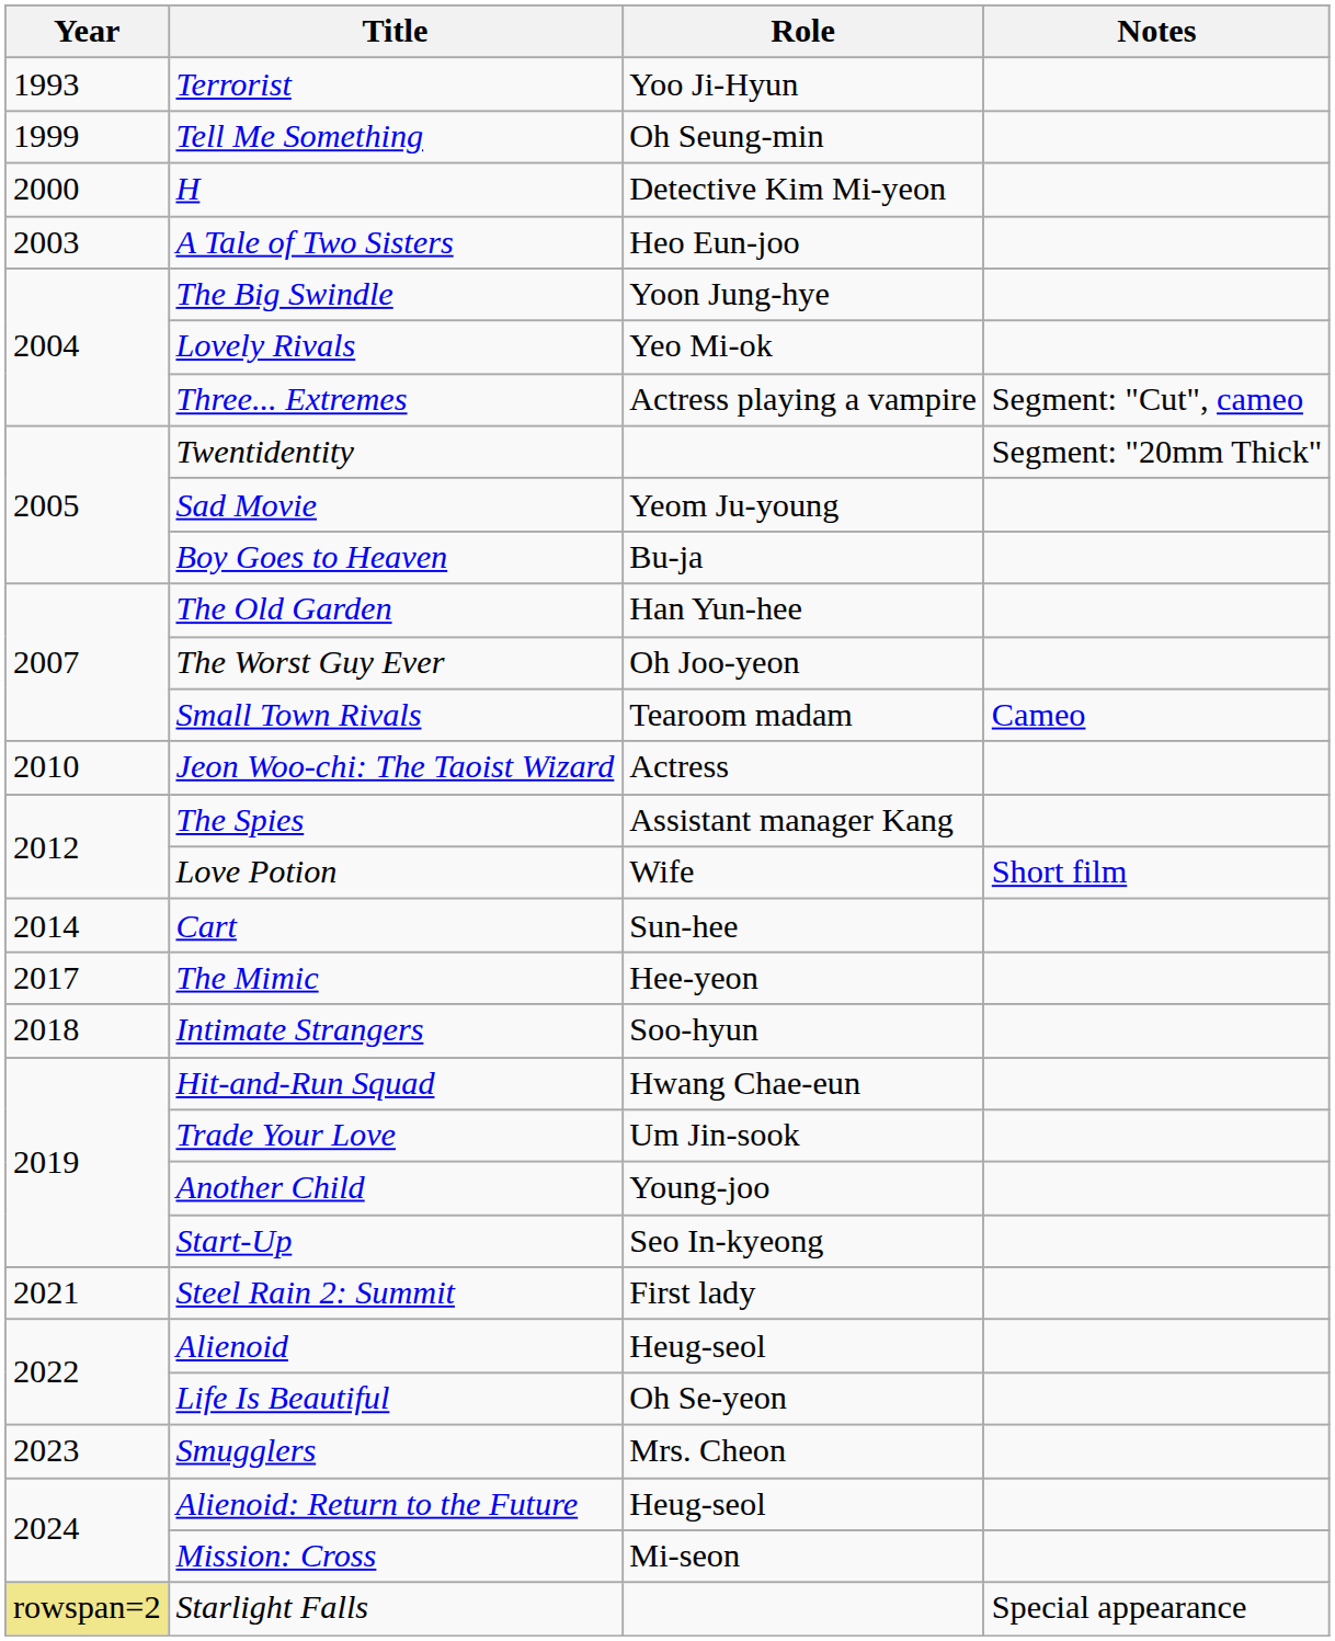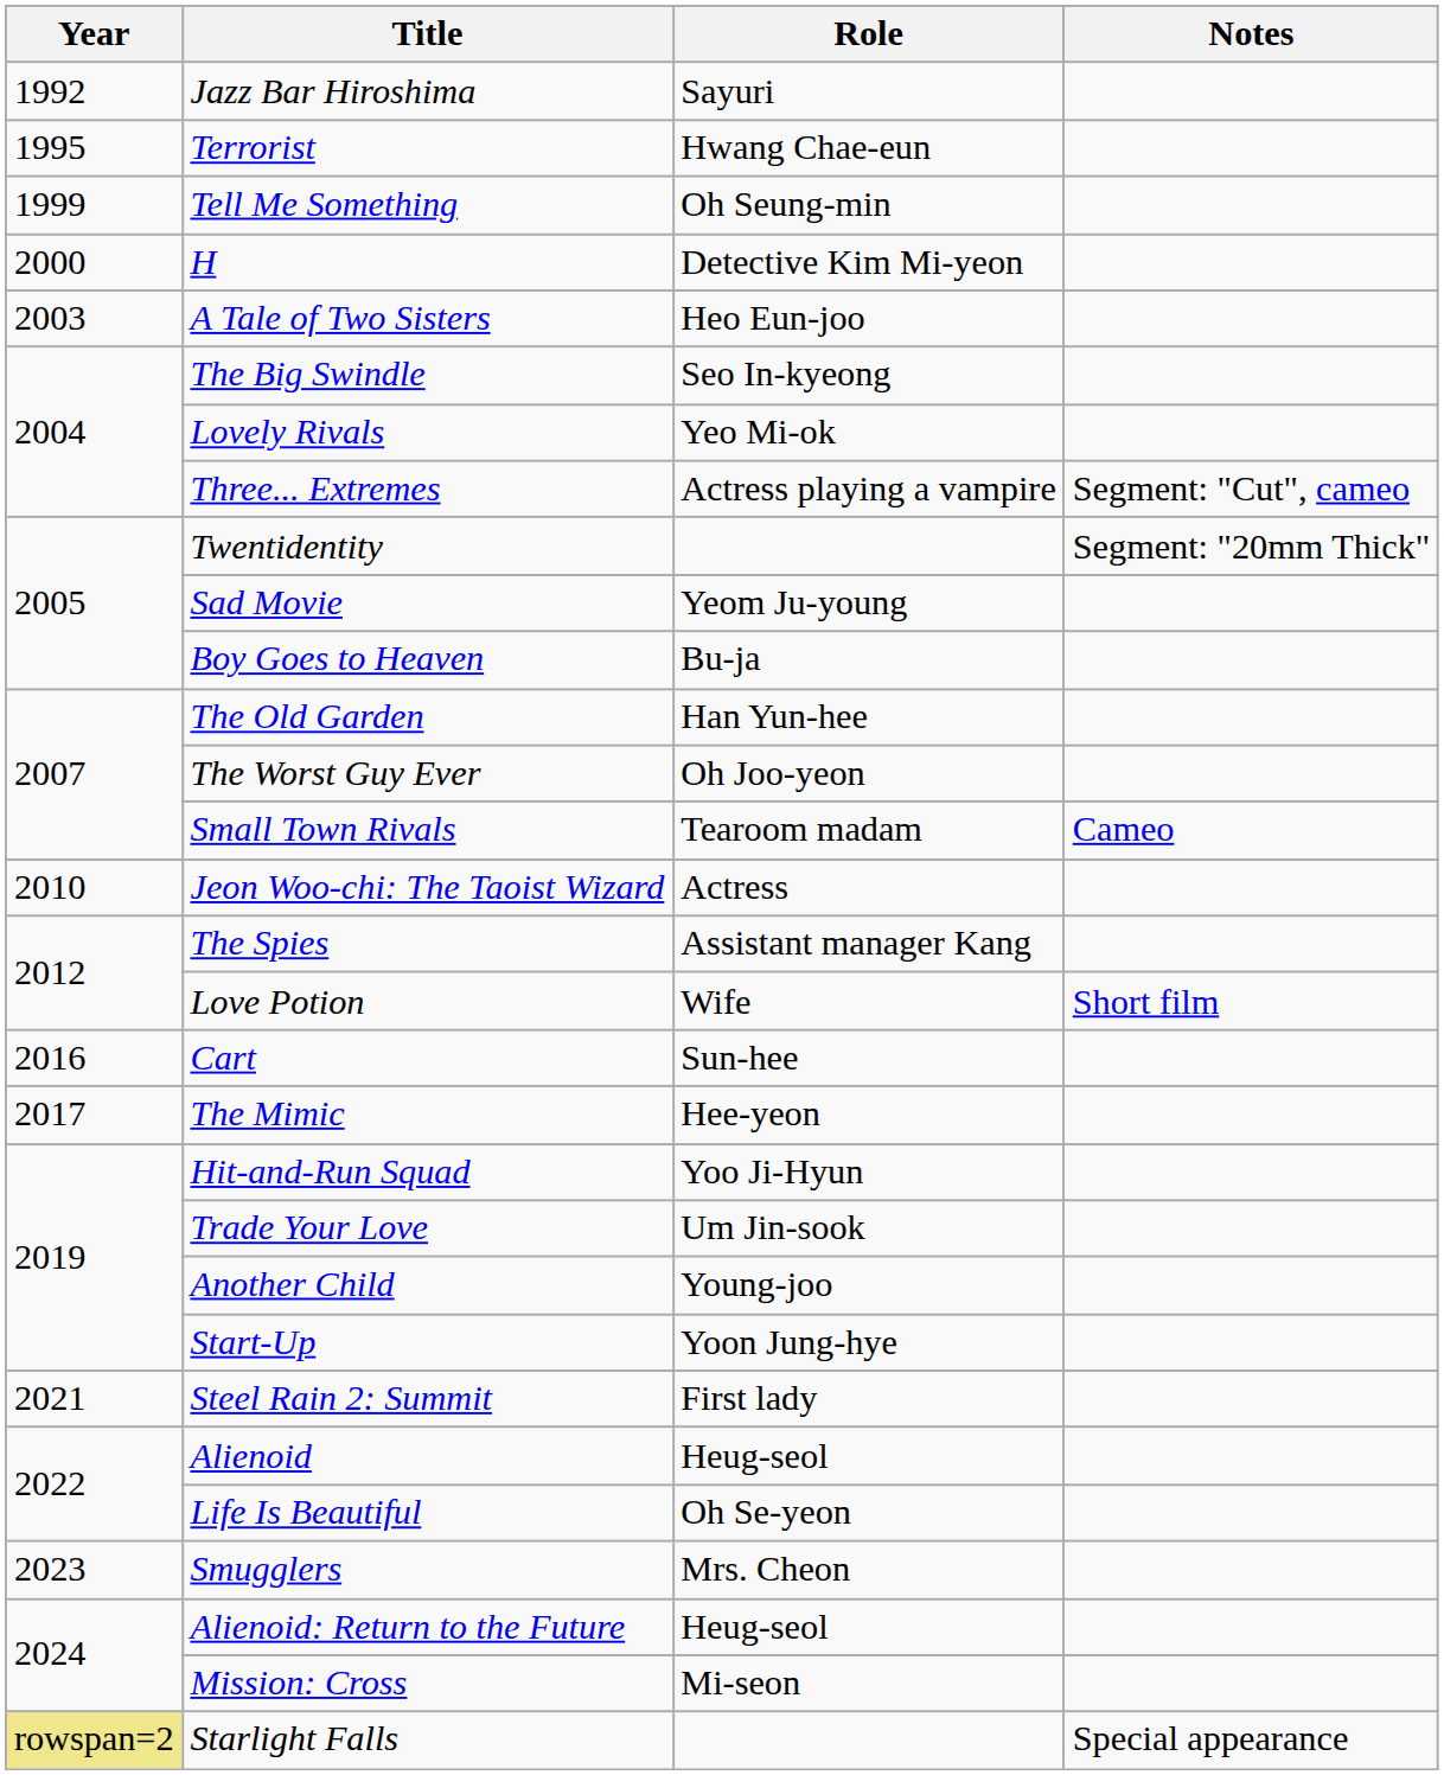 <table class="wikitable sortable">
 <tr>
 <th>Year</th>
 <th>Title</th>
 <th>Role</th>
 <th class="unsortable">Notes</th>
 </tr>
 <tr>
-<td>1993</td>
+<td>1992</td>
+<td><em>Jazz Bar Hiroshima</em></td>
+<td>Sayuri</td>
+<td></td>
+</tr>
+<tr>
+<td>1995</td>
 <td><em><a href='#'>Terrorist</a></em></td>
-<td>Yoo Ji-Hyun</td>
+<td>Hwang Chae-eun</td>
 <td></td>
 </tr>
 <tr>
 <td>1999</td>
 <td><em><a href='#'>Tell Me Something</a></em></td>
 <td>Oh Seung-min</td>
 <td></td>
 </tr>
 <tr>
 <td>2000</td>
 <td><em><a href='#'>H</a></em></td>
 <td>Detective Kim Mi-yeon</td>
 <td></td>
 </tr>
 <tr>
 <td>2003</td>
 <td><em><a href='#'>A Tale of Two Sisters</a></em></td>
 <td>Heo Eun-joo</td>
 <td></td>
 </tr>
 <tr>
 <td rowspan=3>2004</td>
 <td><em><a href='#'>The Big Swindle</a></em></td>
-<td>Yoon Jung-hye</td>
+<td>Seo In-kyeong</td>
 <td></td>
 </tr>
 <tr>
 <td><em><a href='#'>Lovely Rivals</a></em></td>
 <td>Yeo Mi-ok</td>
 <td></td>
 </tr>
 <tr>
 <td><em><a href='#'>Three... Extremes</a></em></td>
 <td>Actress playing a vampire</td>
 <td>Segment: "Cut", <a href='#'>cameo</a></td>
 </tr>
 <tr>
 <td rowspan=3>2005</td>
 <td><em>Twentidentity</em></td>
 <td></td>
 <td>Segment: "20mm Thick"</td>
 </tr>
 <tr>
 <td><em><a href='#'>Sad Movie</a></em></td>
 <td>Yeom Ju-young</td>
 <td></td>
 </tr>
 <tr>
 <td><em><a href='#'>Boy Goes to Heaven</a></em></td>
 <td>Bu-ja</td>
 <td></td>
 </tr>
 <tr>
 <td rowspan=3>2007</td>
 <td><em><a href='#'>The Old Garden</a></em></td>
 <td>Han Yun-hee</td>
 <td></td>
 </tr>
 <tr>
 <td><em>The Worst Guy Ever</em></td>
 <td>Oh Joo-yeon</td>
 <td></td>
 </tr>
 <tr>
 <td><em><a href='#'>Small Town Rivals</a></em></td>
 <td>Tearoom madam</td>
 <td><a href='#'>Cameo</a></td>
 </tr>
 <tr>
 <td>2010</td>
 <td><em><a href='#'>Jeon Woo-chi: The Taoist Wizard</a></em></td>
 <td>Actress</td>
 <td></td>
 </tr>
 <tr>
 <td rowspan=2>2012</td>
 <td><em><a href='#'>The Spies</a></em></td>
 <td>Assistant manager Kang</td>
 <td></td>
 </tr>
 <tr>
 <td><em>Love Potion</em></td>
 <td>Wife</td>
 <td><a href='#'>Short film</a></td>
 </tr>
 <tr>
-<td>2014</td>
+<td>2016</td>
 <td><em><a href='#'>Cart</a></em></td>
 <td>Sun-hee</td>
 <td></td>
 </tr>
 <tr>
 <td>2017</td>
 <td><em><a href='#'>The Mimic</a></em></td>
 <td>Hee-yeon</td>
 <td></td>
 </tr>
 <tr>
-<td>2018</td>
-<td><em><a href='#'>Intimate Strangers</a></em></td>
-<td>Soo-hyun</td>
-<td></td>
-</tr>
-<tr>
 <td rowspan=4>2019</td>
 <td><em><a href='#'>Hit-and-Run Squad</a></em></td>
-<td>Hwang Chae-eun</td>
+<td>Yoo Ji-Hyun</td>
 <td></td>
 </tr>
 <tr>
 <td><em><a href='#'>Trade Your Love</a></em></td>
 <td>Um Jin-sook</td>
 <td></td>
 </tr>
 <tr>
 <td><em><a href='#'>Another Child</a></em></td>
 <td>Young-joo</td>
 <td></td>
 </tr>
 <tr>
 <td><em><a href='#'>Start-Up</a></em></td>
-<td>Seo In-kyeong</td>
+<td>Yoon Jung-hye</td>
 <td></td>
 </tr>
 <tr>
 <td>2021</td>
 <td><em><a href='#'>Steel Rain 2: Summit</a></em></td>
 <td>First lady</td>
 <td></td>
 </tr>
 <tr>
 <td rowspan=2>2022</td>
 <td><em><a href='#'>Alienoid</a></em></td>
 <td>Heug-seol</td>
 <td></td>
 </tr>
 <tr>
 <td><em><a href='#'>Life Is Beautiful</a></em></td>
 <td>Oh Se-yeon</td>
 <td></td>
 </tr>
 <tr>
 <td>2023</td>
 <td><em><a href='#'>Smugglers</a></em></td>
 <td>Mrs. Cheon</td>
 <td></td>
 </tr>
 <tr>
 <td rowspan="2">2024</td>
 <td><em><a href='#'>Alienoid: Return to the Future</a></em></td>
 <td>Heug-seol</td>
 <td></td>
 </tr>
 <tr>
 <td><em><a href='#'>Mission: Cross</a></em></td>
 <td>Mi-seon</td>
 <td></td>
 </tr>
 <tr>
 <td style="background: khaki;">rowspan=2 </td>
 <td><em>Starlight Falls</em></td>
 <td></td>
 <td>Special appearance</td>
 </tr>
 </table>
